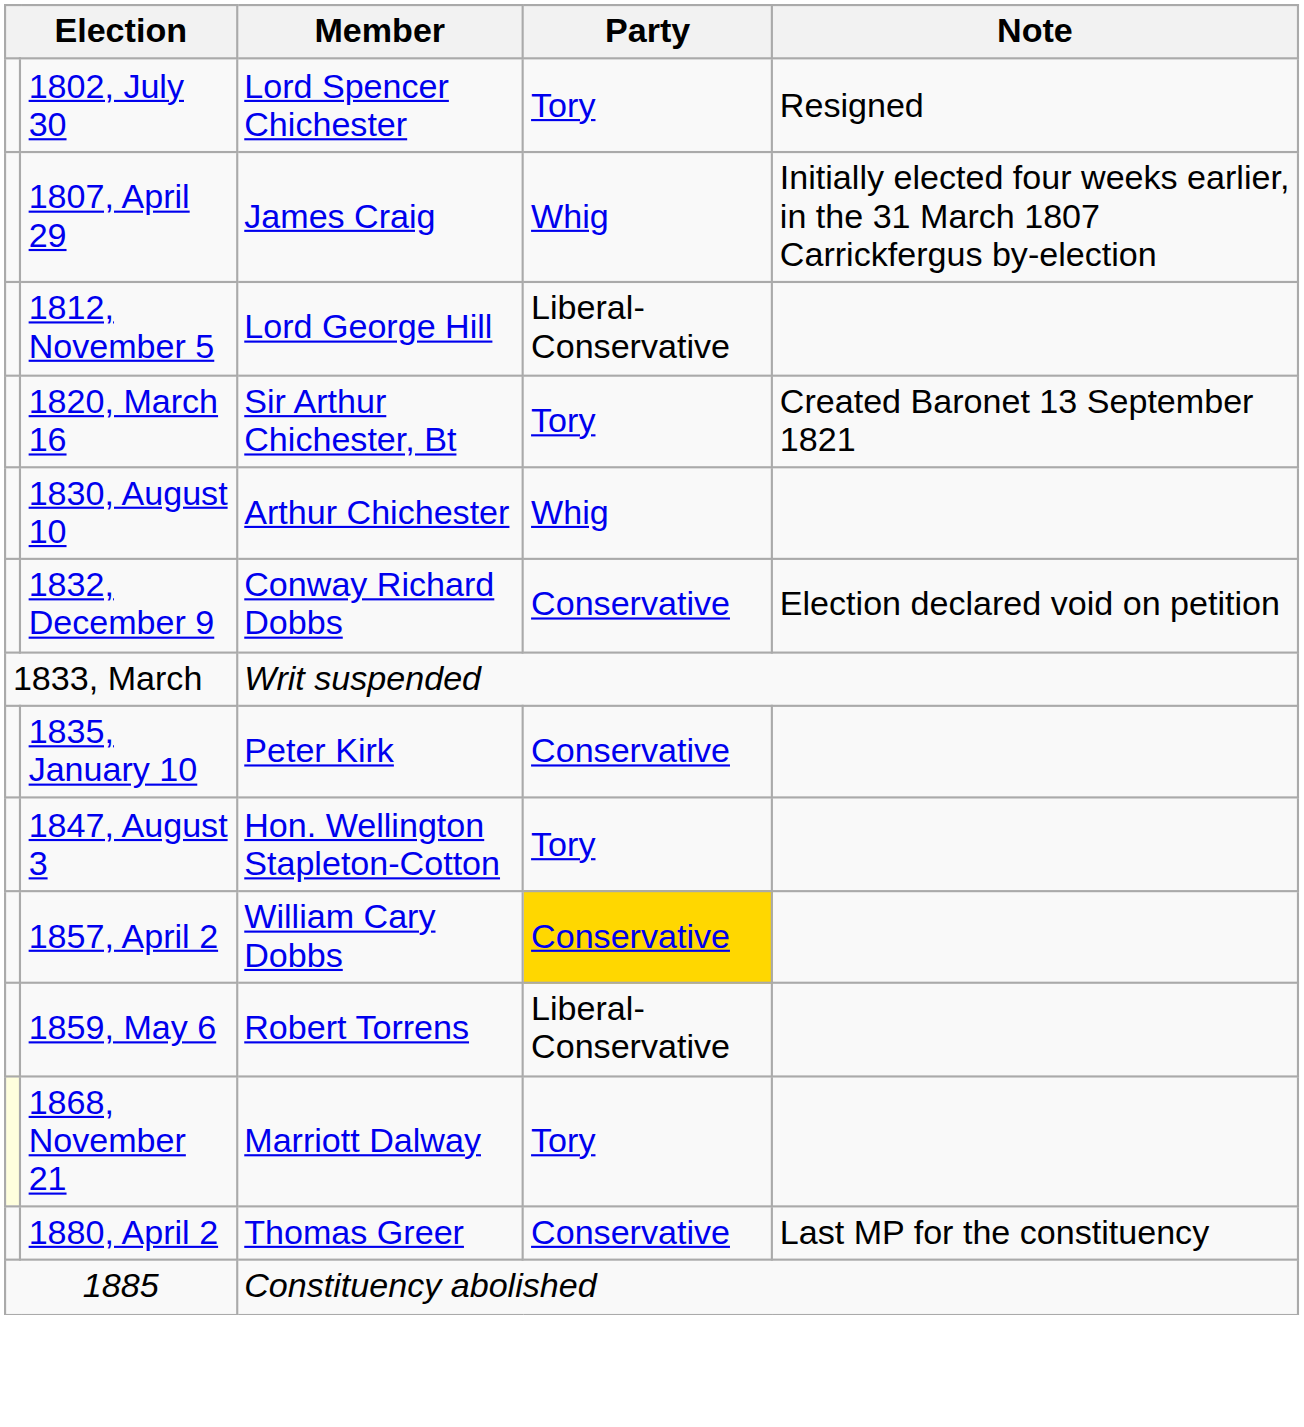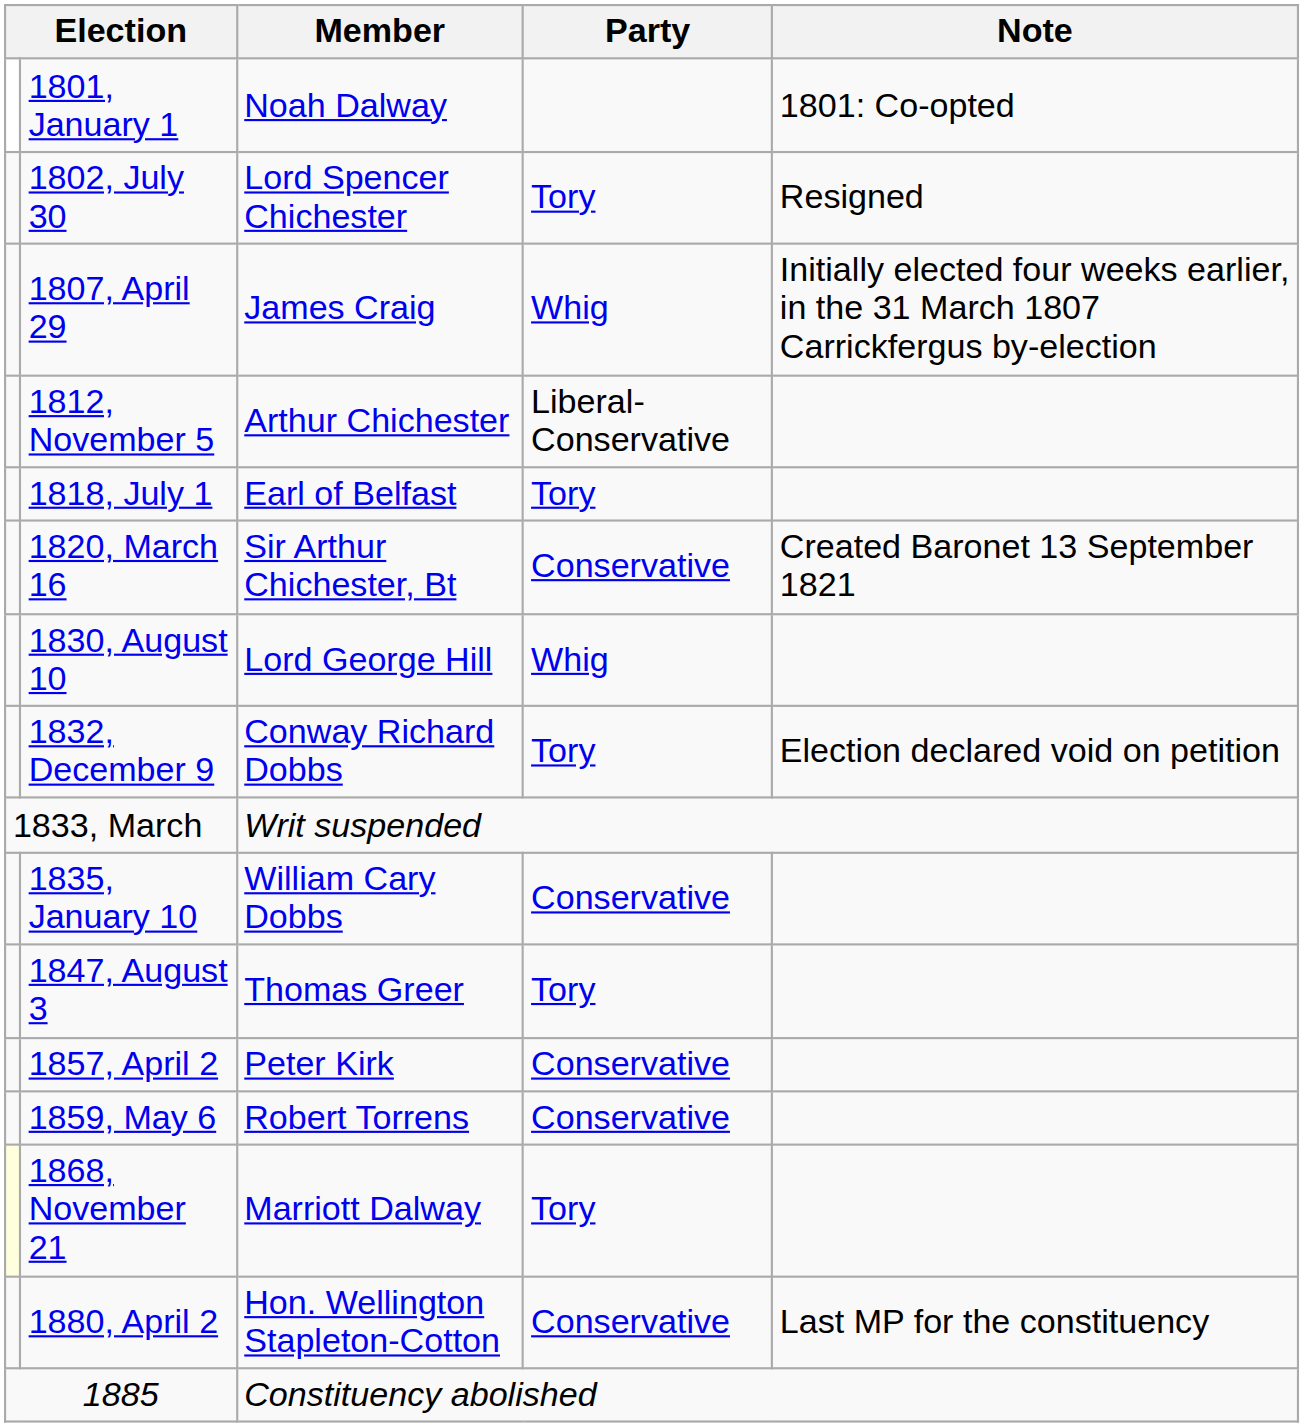 <table class="wikitable">
 <tr>
 <th colspan="2">Election</th>
 <th>Member</th>
 <th>Party</th>
 <th>Note</th>
+</tr>
+<tr>
+<td style="color:inherit;background-color: white"></td>
+<td><a href='#'>1801, January 1</a></td>
+<td><a href='#'>Noah Dalway</a></td>
+<td></td>
+<td>1801: Co-opted</td>
 </tr>
 <tr>
 <td style="color:inherit;background-color: "></td>
 <td><a href='#'>1802, July 30</a></td>
 <td><a href='#'>Lord Spencer Chichester</a></td>
 <td><a href='#'>Tory</a></td>
 <td>Resigned</td>
 </tr>
 <tr>
 <td style="color:inherit;background-color: "></td>
 <td><a href='#'>1807, April 29</a></td>
 <td><a href='#'>James Craig</a></td>
 <td><a href='#'>Whig</a></td>
 <td>Initially elected four weeks earlier, in the 31 March 1807 Carrickfergus by-election</td>
 </tr>
 <tr>
 <td style="color:inherit;background-color: "></td>
 <td><a href='#'>1812, November 5</a></td>
-<td><a href='#'>Lord George Hill</a></td>
+<td><a href='#'>Arthur Chichester</a></td>
 <td>Liberal-Conservative</td>
+<td></td>
+</tr>
+<tr>
+<td style="color:inherit;background-color: "></td>
+<td><a href='#'>1818, July 1</a></td>
+<td><a href='#'>Earl of Belfast</a></td>
+<td><a href='#'>Tory</a></td>
 <td></td>
 </tr>
 <tr>
 <td style="color:inherit;background-color: "></td>
 <td><a href='#'>1820, March 16</a></td>
 <td><a href='#'>Sir Arthur Chichester, Bt</a></td>
-<td><a href='#'>Tory</a></td>
+<td><a href='#'>Conservative</a></td>
 <td>Created Baronet 13 September 1821</td>
 </tr>
 <tr>
 <td style="color:inherit;background-color: "></td>
 <td><a href='#'>1830, August 10</a></td>
-<td><a href='#'>Arthur Chichester</a></td>
+<td><a href='#'>Lord George Hill</a></td>
 <td><a href='#'>Whig</a></td>
 <td></td>
 </tr>
 <tr>
 <td style="color:inherit;background-color: "></td>
 <td><a href='#'>1832, December 9</a></td>
 <td><a href='#'>Conway Richard Dobbs</a></td>
-<td><a href='#'>Conservative</a></td>
+<td><a href='#'>Tory</a></td>
 <td>Election declared void on petition</td>
 </tr>
 <tr>
 <td colspan="2">1833, March</td>
 <td colspan="3"><em>Writ suspended</em></td>
 </tr>
 <tr>
 <td style="color:inherit;background-color: "></td>
 <td><a href='#'>1835, January 10</a></td>
+<td><a href='#'>William Cary Dobbs</a></td>
+<td><a href='#'>Conservative</a></td>
+<td></td>
+</tr>
+<tr>
+<td style="color:inherit;background-color: "></td>
+<td><a href='#'>1847, August 3</a></td>
+<td><a href='#'>Thomas Greer</a></td>
+<td><a href='#'>Tory</a></td>
+<td></td>
+</tr>
+<tr>
+<td style="color:inherit;background-color: "></td>
+<td><a href='#'>1857, April 2</a></td>
 <td><a href='#'>Peter Kirk</a></td>
 <td><a href='#'>Conservative</a></td>
 <td></td>
 </tr>
 <tr>
 <td style="color:inherit;background-color: "></td>
-<td><a href='#'>1847, August 3</a></td>
-<td><a href='#'>Hon. Wellington Stapleton-Cotton</a></td>
-<td><a href='#'>Tory</a></td>
-<td></td>
-</tr>
-<tr>
-<td style="color:inherit;background-color: "></td>
-<td><a href='#'>1857, April 2</a></td>
-<td><a href='#'>William Cary Dobbs</a></td>
-<td style="background: gold;"><a href='#'>Conservative</a></td>
-<td></td>
-</tr>
-<tr>
-<td style="color:inherit;background-color: "></td>
 <td><a href='#'>1859, May 6</a></td>
 <td><a href='#'>Robert Torrens</a></td>
-<td>Liberal-Conservative</td>
+<td><a href='#'>Conservative</a></td>
 <td></td>
 </tr>
 <tr>
 <td style="color:inherit;background-color: #FFFFDD"></td>
 <td><a href='#'>1868, November 21</a></td>
 <td><a href='#'>Marriott Dalway</a></td>
 <td><a href='#'>Tory</a></td>
 <td></td>
 </tr>
 <tr>
 <td style="color:inherit;background-color: "></td>
 <td><a href='#'>1880, April 2</a></td>
-<td><a href='#'>Thomas Greer</a></td>
+<td><a href='#'>Hon. Wellington Stapleton-Cotton</a></td>
 <td><a href='#'>Conservative</a></td>
 <td>Last MP for the constituency</td>
 </tr>
 <tr>
 <td colspan="2" align="center"><em>1885</em></td>
 <td colspan="3"><em>Constituency abolished</em></td>
 </tr>
 </table>
